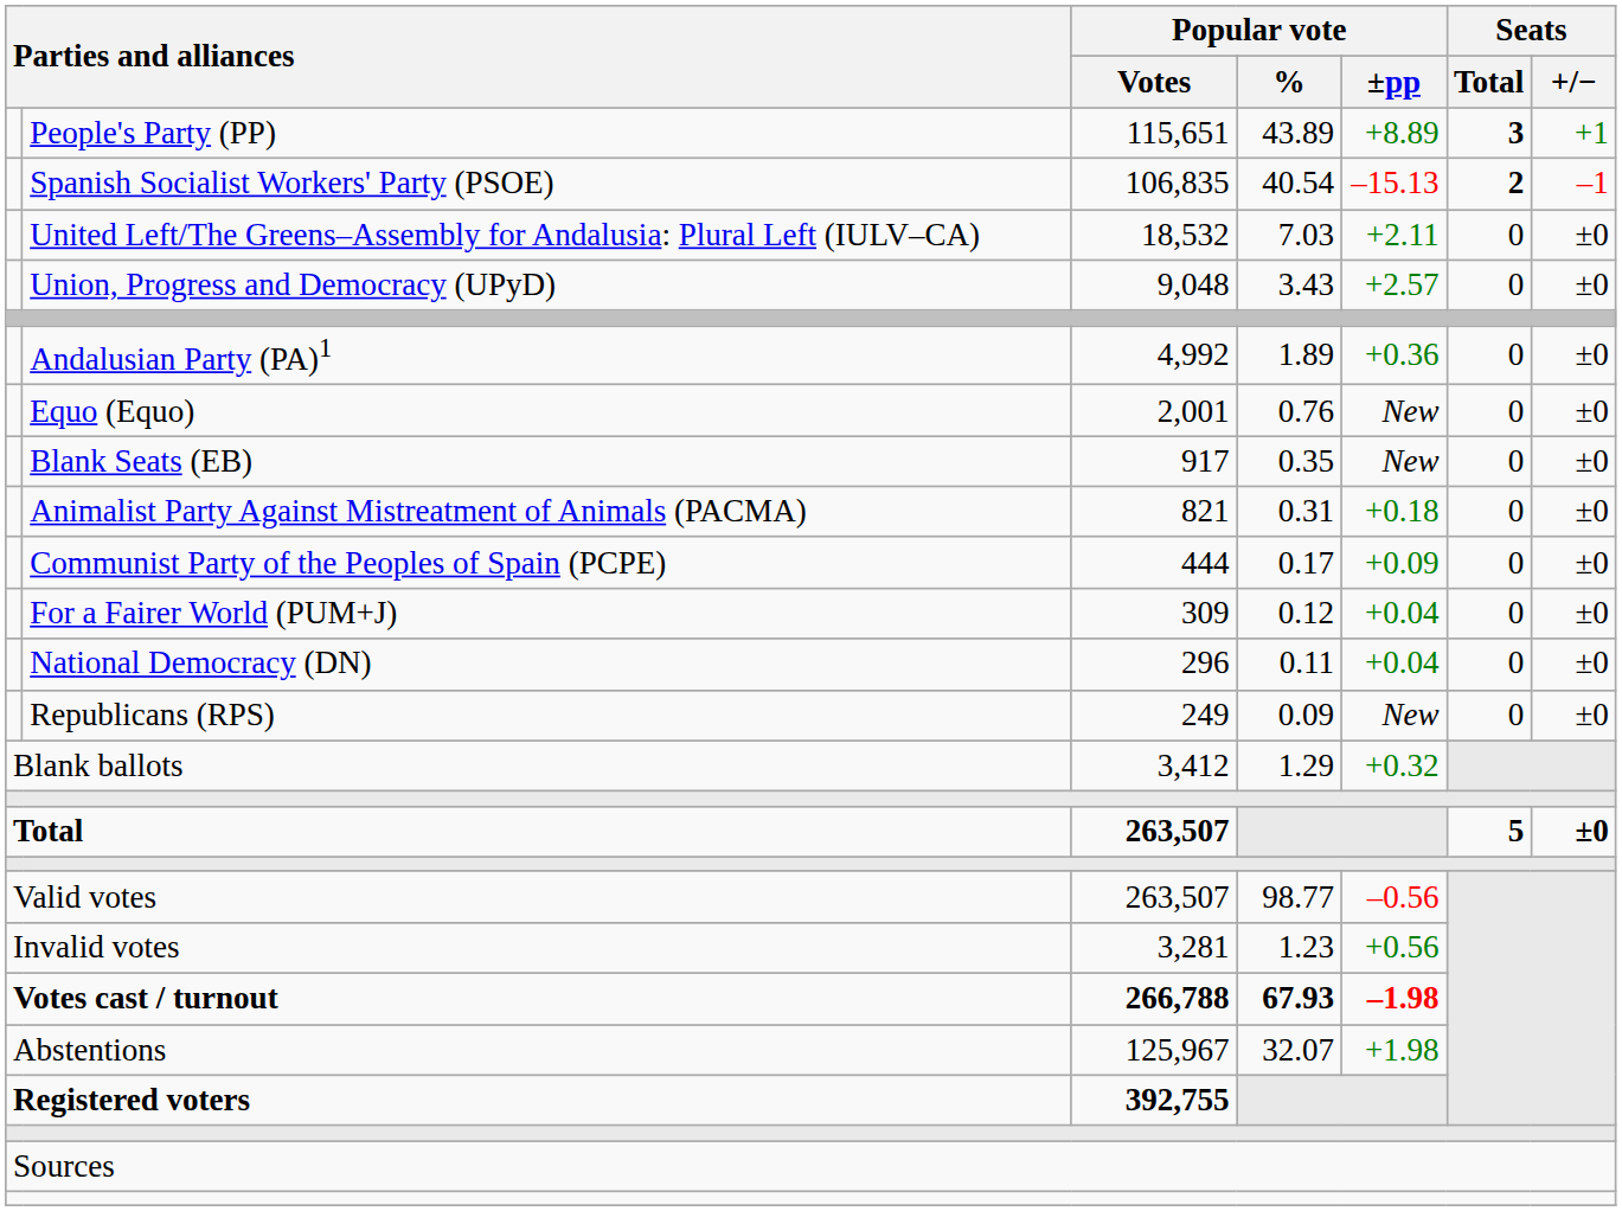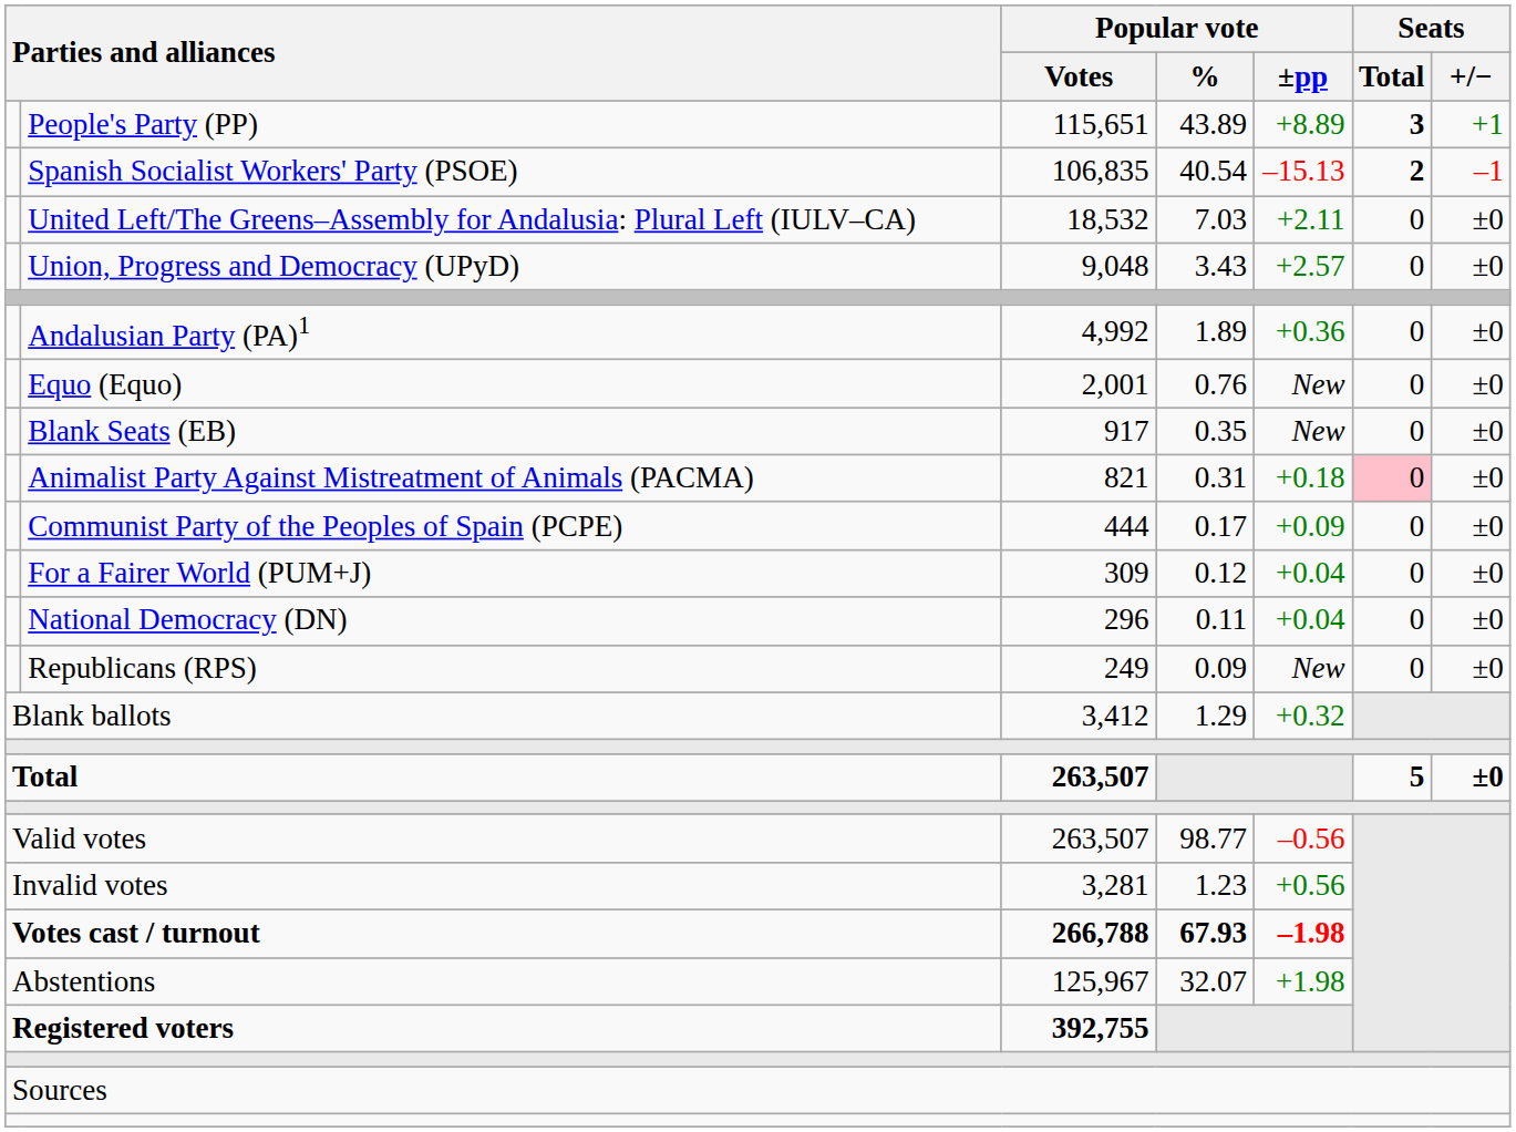 <table class="wikitable" style="text-align:right;">
 <tr>
 <th style="text-align:left;" rowspan="2" colspan="2" width="525">Parties and alliances</th>
 <th colspan="3">Popular vote</th>
 <th colspan="2">Seats</th>
 </tr>
 <tr>
 <th width="75">Votes</th>
 <th width="45">%</th>
 <th width="45">±<a href='#'>pp</a></th>
 <th width="35">Total</th>
 <th width="35">+/−</th>
 </tr>
 <tr>
 <td width="1" style="color:inherit;background:"></td>
 <td align="left"><a href='#'>People's Party</a> (PP)</td>
 <td>115,651</td>
 <td>43.89</td>
 <td style="color:green;">+8.89</td>
 <td><strong>3</strong></td>
 <td style="color:green;">+1</td>
 </tr>
 <tr>
 <td style="color:inherit;background:"></td>
 <td align="left"><a href='#'>Spanish Socialist Workers' Party</a> (PSOE)</td>
 <td>106,835</td>
 <td>40.54</td>
 <td style="color:red;">–15.13</td>
 <td><strong>2</strong></td>
 <td style="color:red;">–1</td>
 </tr>
 <tr>
 <td style="color:inherit;background:"></td>
 <td align="left"><a href='#'>United Left/The Greens–Assembly for Andalusia</a>: <a href='#'>Plural Left</a> (IULV–CA)</td>
 <td>18,532</td>
 <td>7.03</td>
 <td style="color:green;">+2.11</td>
 <td>0</td>
 <td>±0</td>
 </tr>
 <tr>
 <td style="color:inherit;background:"></td>
 <td align="left"><a href='#'>Union, Progress and Democracy</a> (UPyD)</td>
 <td>9,048</td>
 <td>3.43</td>
 <td style="color:green;">+2.57</td>
 <td>0</td>
 <td>±0</td>
 </tr>
 <tr>
 <td colspan="7" bgcolor="#C0C0C0"></td>
 </tr>
 <tr>
 <td style="color:inherit;background:"></td>
 <td align="left"><a href='#'>Andalusian Party</a> (PA)<sup>1</sup></td>
 <td>4,992</td>
 <td>1.89</td>
 <td style="color:green;">+0.36</td>
 <td>0</td>
 <td>±0</td>
 </tr>
 <tr>
 <td style="color:inherit;background:"></td>
 <td align="left"><a href='#'>Equo</a> (Equo)</td>
 <td>2,001</td>
 <td>0.76</td>
 <td><em>New</em></td>
 <td>0</td>
 <td>±0</td>
 </tr>
 <tr>
 <td style="color:inherit;background:"></td>
 <td align="left"><a href='#'>Blank Seats</a> (EB)</td>
 <td>917</td>
 <td>0.35</td>
 <td><em>New</em></td>
 <td>0</td>
 <td>±0</td>
 </tr>
 <tr>
 <td style="color:inherit;background:"></td>
 <td align="left"><a href='#'>Animalist Party Against Mistreatment of Animals</a> (PACMA)</td>
 <td>821</td>
 <td>0.31</td>
 <td style="color:green;">+0.18</td>
-<td>0</td>
+<td style="background: pink;">0</td>
 <td>±0</td>
 </tr>
 <tr>
 <td style="color:inherit;background:"></td>
 <td align="left"><a href='#'>Communist Party of the Peoples of Spain</a> (PCPE)</td>
 <td>444</td>
 <td>0.17</td>
 <td style="color:green;">+0.09</td>
 <td>0</td>
 <td>±0</td>
 </tr>
 <tr>
 <td style="color:inherit;background:"></td>
 <td align="left"><a href='#'>For a Fairer World</a> (PUM+J)</td>
 <td>309</td>
 <td>0.12</td>
 <td style="color:green;">+0.04</td>
 <td>0</td>
 <td>±0</td>
 </tr>
 <tr>
 <td style="color:inherit;background:"></td>
 <td align="left"><a href='#'>National Democracy</a> (DN)</td>
 <td>296</td>
 <td>0.11</td>
 <td style="color:green;">+0.04</td>
 <td>0</td>
 <td>±0</td>
 </tr>
 <tr>
 <td style="color:inherit;background:"></td>
 <td align="left">Republicans (RPS)</td>
 <td>249</td>
 <td>0.09</td>
 <td><em>New</em></td>
 <td>0</td>
 <td>±0</td>
 </tr>
 <tr>
 <td align="left" colspan="2">Blank ballots</td>
 <td>3,412</td>
 <td>1.29</td>
 <td style="color:green;">+0.32</td>
 <td bgcolor="#E9E9E9" colspan="2"></td>
 </tr>
 <tr>
 <td colspan="7" bgcolor="#E9E9E9"></td>
 </tr>
 <tr style="font-weight:bold;">
 <td align="left" colspan="2">Total</td>
 <td>263,507</td>
 <td bgcolor="#E9E9E9" colspan="2"></td>
 <td>5</td>
 <td>±0</td>
 </tr>
 <tr>
 <td colspan="7" bgcolor="#E9E9E9"></td>
 </tr>
 <tr>
 <td align="left" colspan="2">Valid votes</td>
 <td>263,507</td>
 <td>98.77</td>
 <td style="color:red;">–0.56</td>
 <td bgcolor="#E9E9E9" colspan="2" rowspan="5"></td>
 </tr>
 <tr>
 <td align="left" colspan="2">Invalid votes</td>
 <td>3,281</td>
 <td>1.23</td>
 <td style="color:green;">+0.56</td>
 </tr>
 <tr style="font-weight:bold;">
 <td align="left" colspan="2">Votes cast / turnout</td>
 <td>266,788</td>
 <td>67.93</td>
 <td style="color:red;">–1.98</td>
 </tr>
 <tr>
 <td align="left" colspan="2">Abstentions</td>
 <td>125,967</td>
 <td>32.07</td>
 <td style="color:green;">+1.98</td>
 </tr>
 <tr style="font-weight:bold;">
 <td align="left" colspan="2">Registered voters</td>
 <td>392,755</td>
 <td bgcolor="#E9E9E9" colspan="2"></td>
 </tr>
 <tr>
 <td colspan="7" bgcolor="#E9E9E9"></td>
 </tr>
 <tr>
 <td align="left" colspan="7">Sources</td>
 </tr>
 <tr>
 <td colspan="7" style="text-align:left; max-width:790px;"></td>
 </tr>
 </table>
